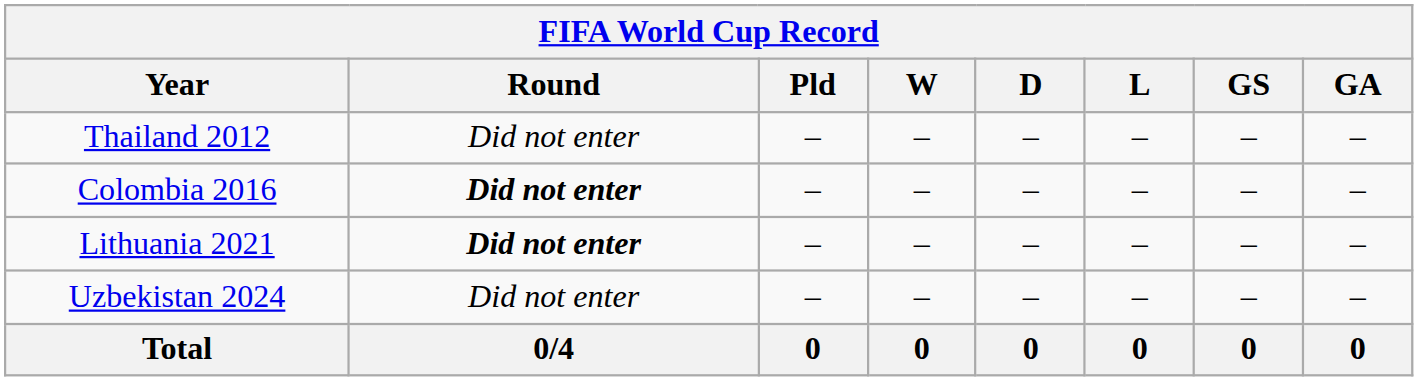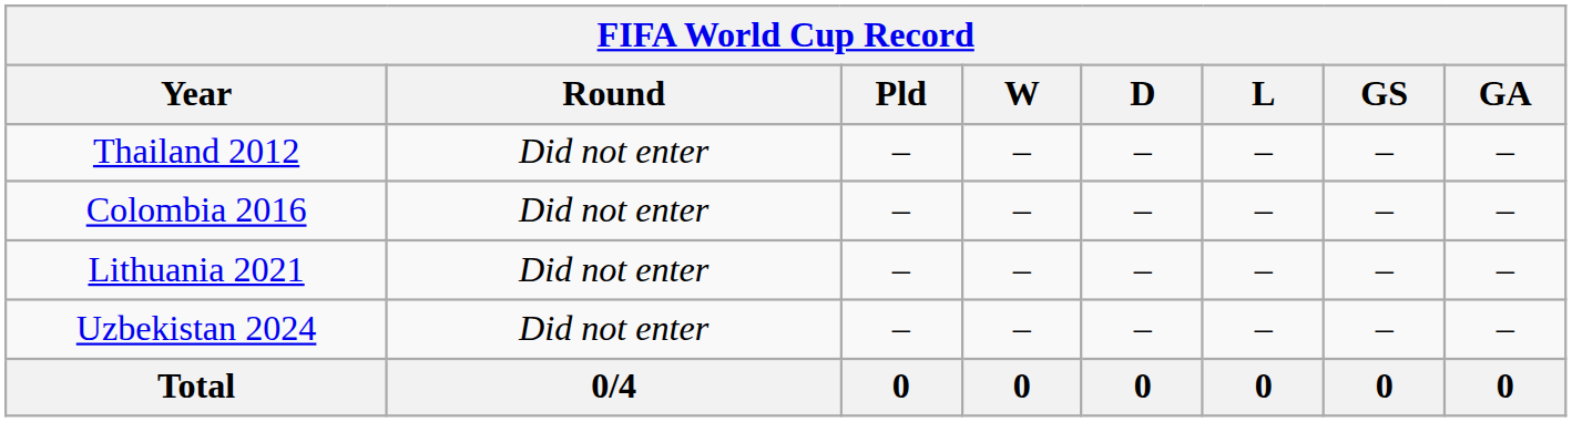 <table class="wikitable" width=50% style="text-align: center;font-size:90%;">
 <tr>
 <th colspan=8><a href='#'>FIFA World Cup Record</a></th>
 </tr>
 <tr>
 <th width=125>Year</th>
 <th width=150>Round</th>
 <th width=35>Pld</th>
 <th width=35>W</th>
 <th width=35>D</th>
 <th width=35>L</th>
 <th width=35>GS</th>
 <th width=35>GA</th>
 </tr>
 <tr>
 <td><a href='#'>Thailand 2012</a></td>
 <td><em>Did not enter</em></td>
 <td>–</td>
 <td>–</td>
 <td>–</td>
 <td>–</td>
 <td>–</td>
 <td>–</td>
 </tr>
 <tr>
 <td><a href='#'>Colombia 2016</a></td>
-<td><strong><em>Did not enter</em></strong></td>
+<td><em>Did not enter</em></td>
 <td>–</td>
 <td>–</td>
 <td>–</td>
 <td>–</td>
 <td>–</td>
 <td>–</td>
 </tr>
 <tr>
 <td><a href='#'>Lithuania 2021</a></td>
-<td><strong><em>Did not enter</em></strong></td>
+<td><em>Did not enter</em></td>
 <td>–</td>
 <td>–</td>
 <td>–</td>
 <td>–</td>
 <td>–</td>
 <td>–</td>
 </tr>
 <tr>
 <td><a href='#'>Uzbekistan 2024</a></td>
 <td><em>Did not enter</em></td>
 <td>–</td>
 <td>–</td>
 <td>–</td>
 <td>–</td>
 <td>–</td>
 <td>–</td>
 </tr>
 <tr>
 <th><strong>Total</strong></th>
 <th>0/4</th>
 <th>0</th>
 <th>0</th>
 <th>0</th>
 <th>0</th>
 <th>0</th>
 <th>0</th>
 </tr>
 </table>
